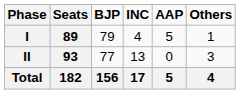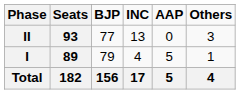 <table class="wikitable sortable" style="text-align:center;">
 <tr>
 <th>Phase</th>
 <th>Seats</th>
 <td style="text-align:center; background:"><span><strong>BJP</strong></span></td>
 <td style="text-align:center; background:"><span><strong>INC</strong></span></td>
 <td style="text-align:center; background:"><strong>AAP</strong></td>
 <td style="text-align:center; background:"><span><strong>Others</strong></span></td>
 </tr>
 <tr>
+<th>II</th>
+<th>93</th>
+<td style="background:">77</td>
+<td>13</td>
+<td>0</td>
+<td>3</td>
+</tr>
+<tr>
 <th>I</th>
 <th>89</th>
 <td style="background:">79</td>
 <td>4</td>
 <td>5</td>
 <td>1</td>
-</tr>
-<tr>
-<th>II</th>
-<th>93</th>
-<td style="background:">77</td>
-<td>13</td>
-<td>0</td>
-<td>3</td>
 </tr>
 <tr>
 <th>Total</th>
 <th>182</th>
 <th>156</th>
 <th>17</th>
 <th>5</th>
 <th>4</th>
 </tr>
 </table>
